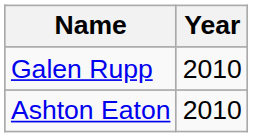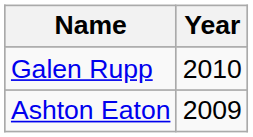 <table class="wikitable" style="display: inline-table;">
 <tr>
 <th>Name</th>
 <th>Year</th>
 </tr>
 <tr>
 <td><a href='#'>Galen Rupp</a></td>
 <td>2010</td>
 </tr>
 <tr>
 <td><a href='#'>Ashton Eaton</a></td>
-<td>2010</td>
+<td>2009</td>
 </tr>
 </table>
